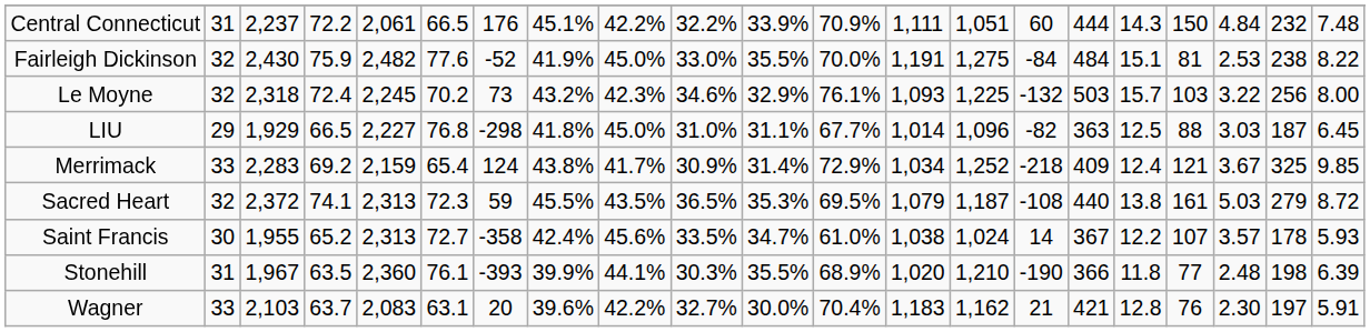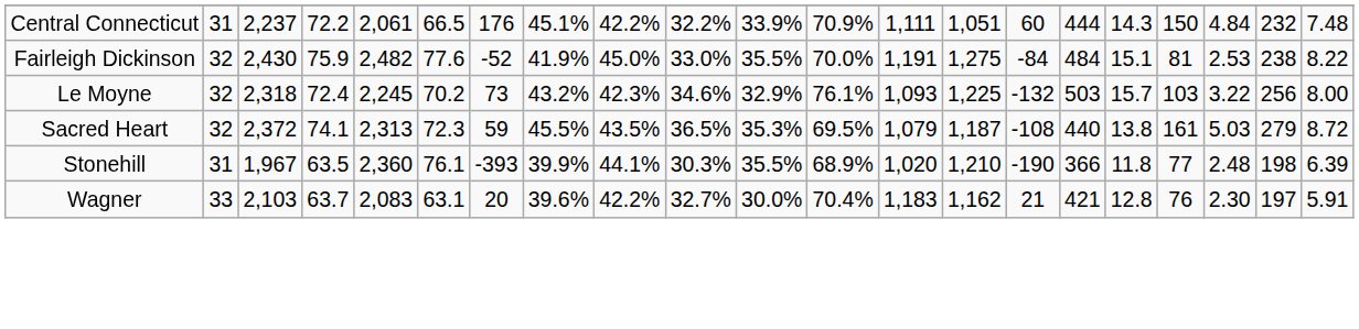 <table class="wikitable sortable" style="text-align:center; font-size:80%;">
 <tr>
 </tr>
 <tr>
 </tr>
 <tr>
 <td style="position: sticky; left: 0; ">Central Connecticut</td>
 <td>31</td>
 <td>2,237</td>
 <td>72.2</td>
 <td>2,061</td>
 <td>66.5</td>
 <td>176</td>
 <td>45.1%</td>
 <td>42.2%</td>
 <td>32.2%</td>
 <td>33.9%</td>
 <td>70.9%</td>
 <td>1,111</td>
 <td>1,051</td>
 <td>60</td>
 <td>444</td>
 <td>14.3</td>
 <td>150</td>
 <td>4.84</td>
 <td>232</td>
 <td>7.48</td>
 </tr>
 <tr>
 <td style="position: sticky; left: 0; ">Fairleigh Dickinson</td>
 <td>32</td>
 <td>2,430</td>
 <td>75.9</td>
 <td>2,482</td>
 <td>77.6</td>
 <td>-52</td>
 <td>41.9%</td>
 <td>45.0%</td>
 <td>33.0%</td>
 <td>35.5%</td>
 <td>70.0%</td>
 <td>1,191</td>
 <td>1,275</td>
 <td>-84</td>
 <td>484</td>
 <td>15.1</td>
 <td>81</td>
 <td>2.53</td>
 <td>238</td>
 <td>8.22</td>
 </tr>
 <tr>
 <td style="position: sticky; left: 0; ">Le Moyne</td>
 <td>32</td>
 <td>2,318</td>
 <td>72.4</td>
 <td>2,245</td>
 <td>70.2</td>
 <td>73</td>
 <td>43.2%</td>
 <td>42.3%</td>
 <td>34.6%</td>
 <td>32.9%</td>
 <td>76.1%</td>
 <td>1,093</td>
 <td>1,225</td>
 <td>-132</td>
 <td>503</td>
 <td>15.7</td>
 <td>103</td>
 <td>3.22</td>
 <td>256</td>
 <td>8.00</td>
 </tr>
 <tr>
-<td style="position: sticky; left: 0; ">LIU</td>
-<td>29</td>
-<td>1,929</td>
-<td>66.5</td>
-<td>2,227</td>
-<td>76.8</td>
-<td>-298</td>
-<td>41.8%</td>
-<td>45.0%</td>
-<td>31.0%</td>
-<td>31.1%</td>
-<td>67.7%</td>
-<td>1,014</td>
-<td>1,096</td>
-<td>-82</td>
-<td>363</td>
-<td>12.5</td>
-<td>88</td>
-<td>3.03</td>
-<td>187</td>
-<td>6.45</td>
-</tr>
-<tr>
-<td style="position: sticky; left: 0; ">Merrimack</td>
-<td>33</td>
-<td>2,283</td>
-<td>69.2</td>
-<td>2,159</td>
-<td>65.4</td>
-<td>124</td>
-<td>43.8%</td>
-<td>41.7%</td>
-<td>30.9%</td>
-<td>31.4%</td>
-<td>72.9%</td>
-<td>1,034</td>
-<td>1,252</td>
-<td>-218</td>
-<td>409</td>
-<td>12.4</td>
-<td>121</td>
-<td>3.67</td>
-<td>325</td>
-<td>9.85</td>
-</tr>
-<tr>
 <td style="position: sticky; left: 0; ">Sacred Heart</td>
 <td>32</td>
 <td>2,372</td>
 <td>74.1</td>
 <td>2,313</td>
 <td>72.3</td>
 <td>59</td>
 <td>45.5%</td>
 <td>43.5%</td>
 <td>36.5%</td>
 <td>35.3%</td>
 <td>69.5%</td>
 <td>1,079</td>
 <td>1,187</td>
 <td>-108</td>
 <td>440</td>
 <td>13.8</td>
 <td>161</td>
 <td>5.03</td>
 <td>279</td>
 <td>8.72</td>
-</tr>
-<tr>
-<td style="position: sticky; left: 0; ">Saint Francis</td>
-<td>30</td>
-<td>1,955</td>
-<td>65.2</td>
-<td>2,313</td>
-<td>72.7</td>
-<td>-358</td>
-<td>42.4%</td>
-<td>45.6%</td>
-<td>33.5%</td>
-<td>34.7%</td>
-<td>61.0%</td>
-<td>1,038</td>
-<td>1,024</td>
-<td>14</td>
-<td>367</td>
-<td>12.2</td>
-<td>107</td>
-<td>3.57</td>
-<td>178</td>
-<td>5.93</td>
 </tr>
 <tr>
 <td style="position: sticky; left: 0; ">Stonehill</td>
 <td>31</td>
 <td>1,967</td>
 <td>63.5</td>
 <td>2,360</td>
 <td>76.1</td>
 <td>-393</td>
 <td>39.9%</td>
 <td>44.1%</td>
 <td>30.3%</td>
 <td>35.5%</td>
 <td>68.9%</td>
 <td>1,020</td>
 <td>1,210</td>
 <td>-190</td>
 <td>366</td>
 <td>11.8</td>
 <td>77</td>
 <td>2.48</td>
 <td>198</td>
 <td>6.39</td>
 </tr>
 <tr>
 <td style="position: sticky; left: 0; ">Wagner</td>
 <td>33</td>
 <td>2,103</td>
 <td>63.7</td>
 <td>2,083</td>
 <td>63.1</td>
 <td>20</td>
 <td>39.6%</td>
 <td>42.2%</td>
 <td>32.7%</td>
 <td>30.0%</td>
 <td>70.4%</td>
 <td>1,183</td>
 <td>1,162</td>
 <td>21</td>
 <td>421</td>
 <td>12.8</td>
 <td>76</td>
 <td>2.30</td>
 <td>197</td>
 <td>5.91</td>
 </tr>
 </table>
